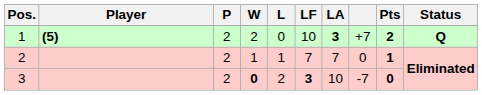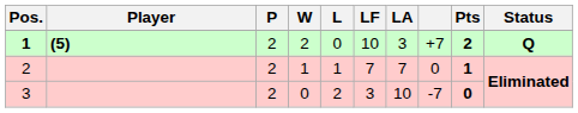 <table class="wikitable" style="text-align:center; margin: 1em auto 1em auto, align:left">
 <tr>
 <th width=25>Pos.</th>
 <th width=200>Player</th>
 <th width=25>P</th>
 <th width=25>W</th>
 <th width=25>L</th>
 <th width=25>LF</th>
 <th width=25>LA</th>
 <th width=25></th>
 <th width=25>Pts</th>
 <th width=75>Status</th>
 </tr>
 <tr>
 </tr>
 <tr style="background:#CCFFCC;">
-<td>1</td>
+<td><strong>1</strong></td>
 <td align=left><strong> (5)</strong></td>
 <td>2</td>
 <td>2</td>
 <td>0</td>
 <td>10</td>
-<td><strong>3</strong></td>
+<td>3</td>
 <td>+7</td>
 <td><strong>2</strong></td>
 <td><strong>Q</strong></td>
 </tr>
 <tr style="background:#FFCCCC;">
 <td>2</td>
 <td align=left></td>
 <td>2</td>
 <td>1</td>
 <td>1</td>
 <td>7</td>
 <td>7</td>
 <td>0</td>
 <td><strong>1</strong></td>
 <td rowspan=2><strong>Eliminated</strong></td>
 </tr>
 <tr style="background:#FFCCCC;">
 <td>3</td>
 <td align=left></td>
 <td>2</td>
-<td><strong>0</strong></td>
+<td>0</td>
 <td>2</td>
-<td><strong>3</strong></td>
+<td>3</td>
 <td>10</td>
 <td>-7</td>
 <td><strong>0</strong></td>
 </tr>
 </table>
